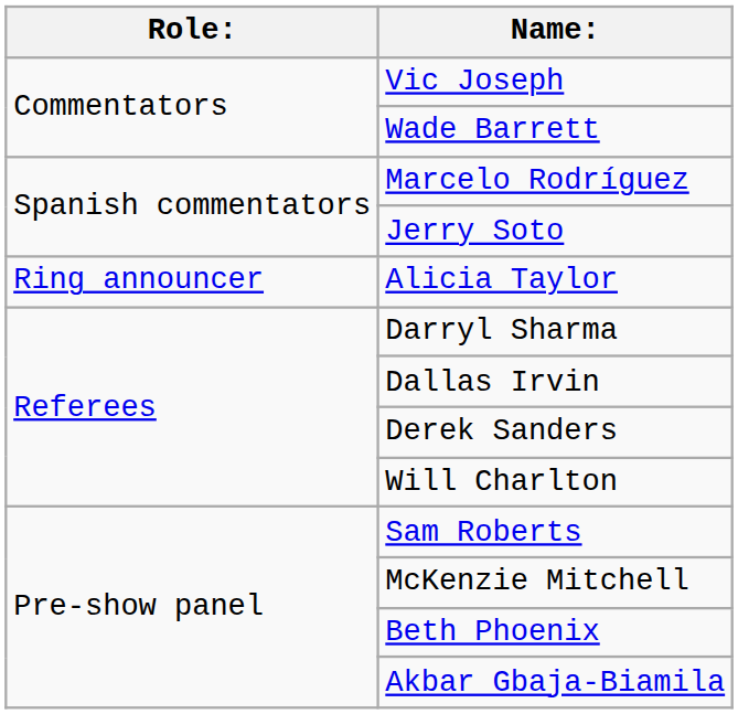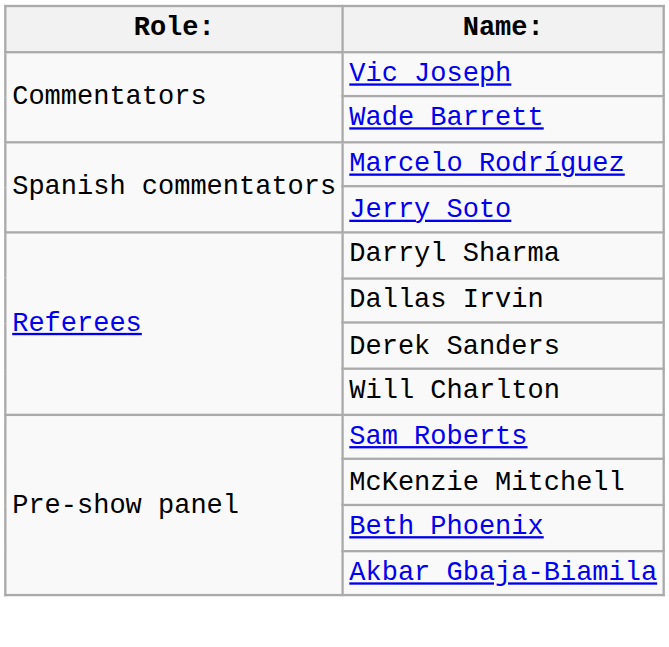 <table class=wikitable style="font-size:90%; margin: 0.5em 0 0.5em 1em; float: right; clear: right;">
 <tr>
 <th>Role:</th>
 <th>Name:</th>
 </tr>
 <tr>
 <td rowspan=2>Commentators</td>
 <td><a href='#'>Vic Joseph</a></td>
 </tr>
 <tr>
 <td><a href='#'>Wade Barrett</a></td>
 </tr>
 <tr>
 <td rowspan=2>Spanish commentators</td>
 <td><a href='#'>Marcelo Rodríguez</a></td>
 </tr>
 <tr>
 <td><a href='#'>Jerry Soto</a></td>
-</tr>
-<tr>
-<td rowspan=1><a href='#'>Ring announcer</a></td>
-<td><a href='#'>Alicia Taylor</a></td>
 </tr>
 <tr>
 <td rowspan=4><a href='#'>Referees</a></td>
 <td>Darryl Sharma</td>
 </tr>
 <tr>
 <td>Dallas Irvin</td>
 </tr>
 <tr>
 <td>Derek Sanders</td>
 </tr>
 <tr>
 <td>Will Charlton</td>
 </tr>
 <tr>
 <td rowspan=4>Pre-show panel</td>
 <td><a href='#'>Sam Roberts</a></td>
 </tr>
 <tr>
 <td>McKenzie Mitchell</td>
 </tr>
 <tr>
 <td><a href='#'>Beth Phoenix</a></td>
 </tr>
 <tr>
 <td><a href='#'>Akbar Gbaja-Biamila</a></td>
 </tr>
 </table>
